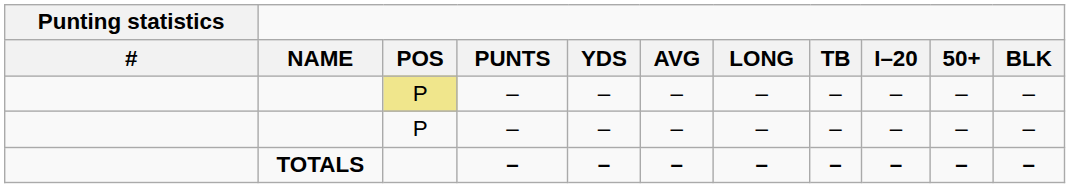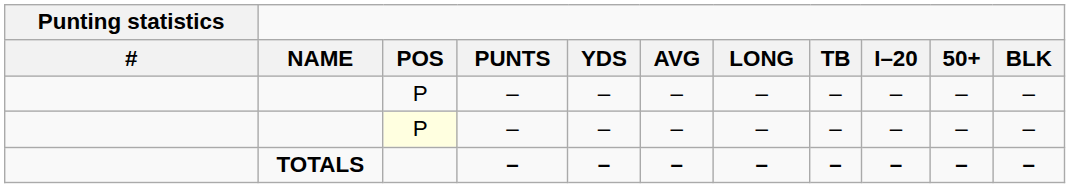 <table style="width:60%; text-align:center;" class="wikitable collapsible collapsed">
 <tr>
 <th style="text-align:center; ">Punting statistics</th>
 </tr>
 <tr>
 <th>#</th>
 <th>NAME</th>
 <th>POS</th>
 <th>PUNTS</th>
 <th>YDS</th>
 <th>AVG</th>
 <th>LONG</th>
 <th>TB</th>
 <th>I–20</th>
 <th>50+</th>
 <th>BLK</th>
 </tr>
 <tr>
 <td></td>
 <td></td>
-<td style="background: khaki;">P</td>
+<td>P</td>
 <td>–</td>
 <td>–</td>
 <td>–</td>
 <td>–</td>
 <td>–</td>
 <td>–</td>
 <td>–</td>
 <td>–</td>
 </tr>
 <tr>
 <td></td>
 <td></td>
-<td>P</td>
+<td style="background: lightyellow;">P</td>
 <td>–</td>
 <td>–</td>
 <td>–</td>
 <td>–</td>
 <td>–</td>
 <td>–</td>
 <td>–</td>
 <td>–</td>
 </tr>
 <tr>
 <td></td>
 <td><strong>TOTALS</strong></td>
 <td></td>
 <td><strong>–</strong></td>
 <td><strong>–</strong></td>
 <td><strong>–</strong></td>
 <td><strong>–</strong></td>
 <td><strong>–</strong></td>
 <td><strong>–</strong></td>
 <td><strong>–</strong></td>
 <td><strong>–</strong></td>
 </tr>
 </table>
